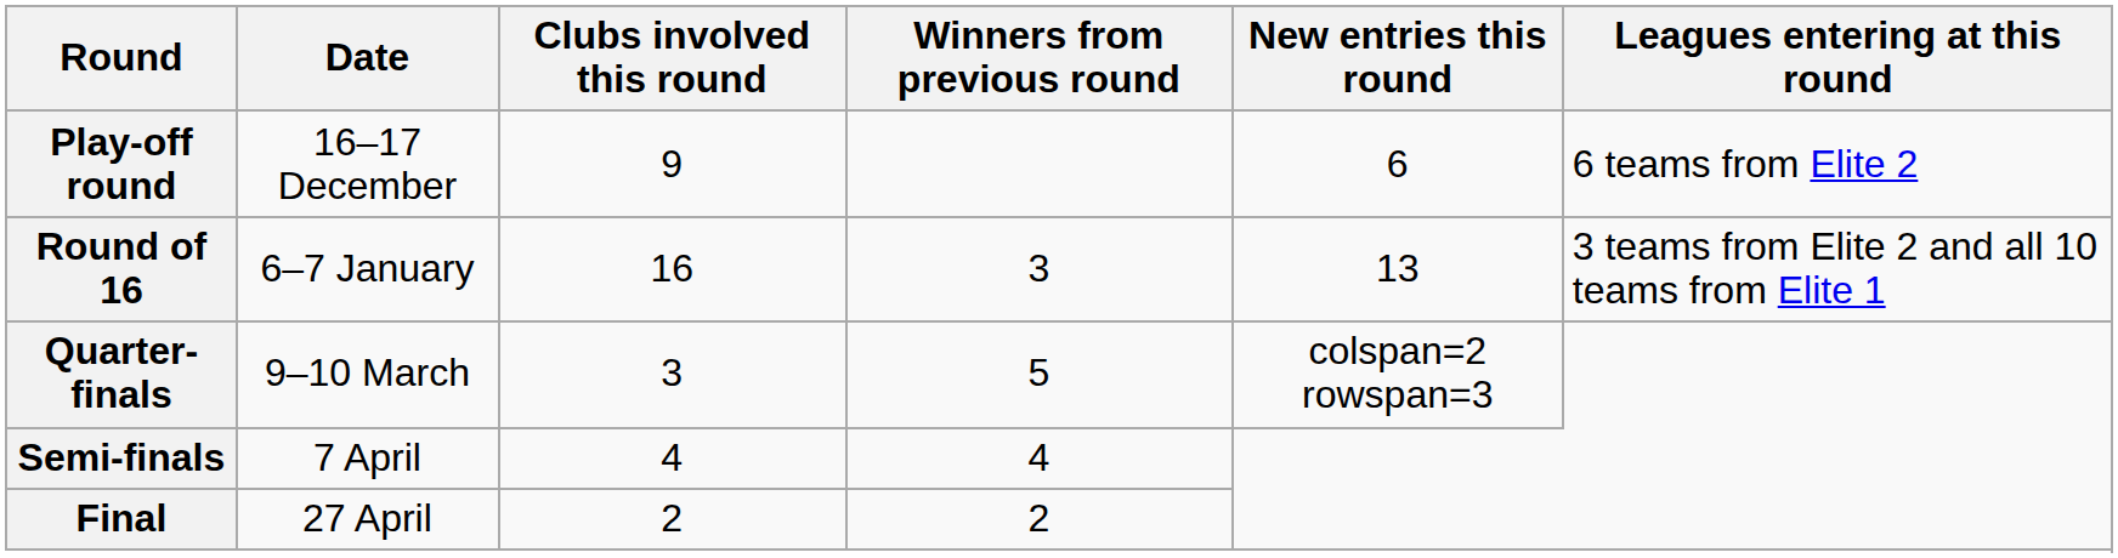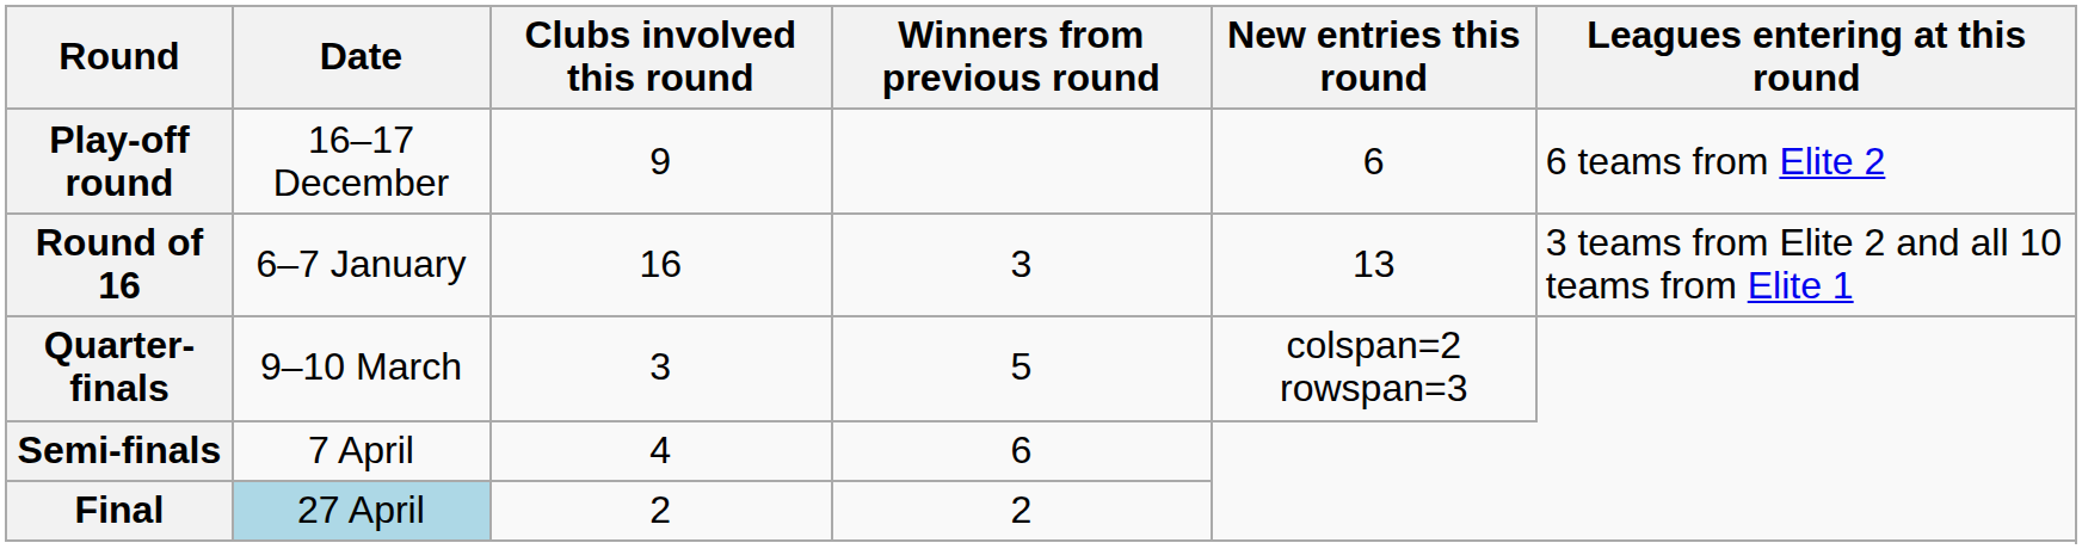 <table class="wikitable plainrowheaders" style="text-align:center;">
 <tr>
 <th scope="col">Round</th>
 <th scope="col">Date</th>
 <th scope="col">Clubs involved this round</th>
 <th scope="col">Winners from previous round</th>
 <th scope="col">New entries this round</th>
 <th scope="col">Leagues entering at this round</th>
 </tr>
 <tr>
 <th scope="row" style="text-align:center;">Play-off round</th>
 <td>16–17 December</td>
 <td>9</td>
 <td></td>
 <td>6</td>
 <td style="text-align: left;">6 teams from <a href='#'>Elite 2</a></td>
 </tr>
 <tr>
 <th scope="row" style="text-align:center;">Round of 16</th>
 <td>6–7 January</td>
 <td>16</td>
 <td>3</td>
 <td>13</td>
 <td style="text-align: left;">3 teams from Elite 2 and all 10 teams from <a href='#'>Elite 1</a></td>
 </tr>
 <tr>
 <th scope="row" style="text-align:center;">Quarter-finals</th>
 <td>9–10 March</td>
 <td>3</td>
 <td>5</td>
 <td>colspan=2 rowspan=3</td>
 </tr>
 <tr>
 <th scope="row" style="text-align:center;">Semi-finals</th>
 <td>7 April</td>
 <td>4</td>
-<td>4</td>
+<td>6</td>
 </tr>
 <tr>
 <th scope="row" style="text-align:center;">Final</th>
-<td>27 April</td>
+<td style="background: lightblue;">27 April</td>
 <td>2</td>
 <td>2</td>
 </tr>
 <tr>
 </tr>
 </table>
